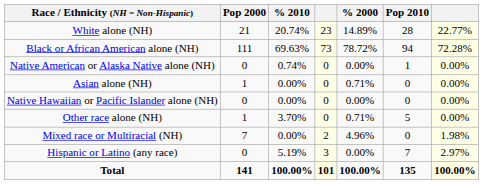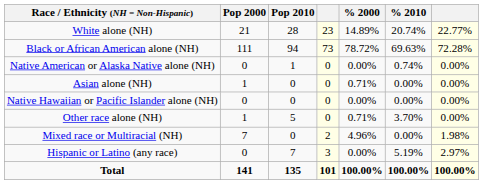 <table class="wikitable" style="text-align:center;">
 <tr>
 <th>Race / Ethnicity <small>(<em>NH = Non-Hispanic</em>)</small></th>
 <th>Pop 2000</th>
-<th>% 2010</th>
+<th>Pop 2010</th>
 <th></th>
 <th>% 2000</th>
-<th>Pop 2010</th>
+<th>% 2010</th>
 <th></th>
 </tr>
 <tr>
 <td><a href='#'>White</a> alone (NH)</td>
 <td>21</td>
-<td>20.74%</td>
+<td>28</td>
 <td style='background: #ffffe6;'>23</td>
 <td>14.89%</td>
-<td>28</td>
+<td>20.74%</td>
 <td style='background: #ffffe6;'>22.77%</td>
 </tr>
 <tr>
 <td><a href='#'>Black or African American</a> alone (NH)</td>
 <td>111</td>
-<td>69.63%</td>
+<td>94</td>
 <td style='background: #ffffe6;'>73</td>
 <td>78.72%</td>
-<td>94</td>
+<td>69.63%</td>
 <td style='background: #ffffe6;'>72.28%</td>
 </tr>
 <tr>
 <td><a href='#'>Native American</a> or <a href='#'>Alaska Native</a> alone (NH)</td>
 <td>0</td>
-<td>0.74%</td>
+<td>1</td>
 <td style='background: #ffffe6;'>0</td>
 <td>0.00%</td>
-<td>1</td>
+<td>0.74%</td>
 <td style='background: #ffffe6;'>0.00%</td>
 </tr>
 <tr>
 <td><a href='#'>Asian</a> alone (NH)</td>
 <td>1</td>
-<td>0.00%</td>
+<td>0</td>
 <td style='background: #ffffe6;'>0</td>
 <td>0.71%</td>
-<td>0</td>
+<td>0.00%</td>
 <td style='background: #ffffe6;'>0.00%</td>
 </tr>
 <tr>
 <td><a href='#'>Native Hawaiian</a> or <a href='#'>Pacific Islander</a> alone (NH)</td>
 <td>0</td>
-<td>0.00%</td>
+<td>0</td>
 <td style='background: #ffffe6;'>0</td>
 <td>0.00%</td>
-<td>0</td>
+<td>0.00%</td>
 <td style='background: #ffffe6;'>0.00%</td>
 </tr>
 <tr>
 <td><a href='#'>Other race</a> alone (NH)</td>
 <td>1</td>
-<td>3.70%</td>
+<td>5</td>
 <td style='background: #ffffe6;'>0</td>
 <td>0.71%</td>
-<td>5</td>
+<td>3.70%</td>
 <td style='background: #ffffe6;'>0.00%</td>
 </tr>
 <tr>
 <td><a href='#'>Mixed race or Multiracial</a> (NH)</td>
 <td>7</td>
-<td>0.00%</td>
+<td>0</td>
 <td style='background: #ffffe6;'>2</td>
 <td>4.96%</td>
-<td>0</td>
+<td>0.00%</td>
 <td style='background: #ffffe6;'>1.98%</td>
 </tr>
 <tr>
 <td><a href='#'>Hispanic or Latino</a> (any race)</td>
 <td>0</td>
-<td>5.19%</td>
+<td>7</td>
 <td style='background: #ffffe6;'>3</td>
 <td>0.00%</td>
-<td>7</td>
+<td>5.19%</td>
 <td style='background: #ffffe6;'>2.97%</td>
 </tr>
 <tr>
 <td><strong>Total</strong></td>
 <td><strong>141</strong></td>
-<td><strong>100.00%</strong></td>
+<td><strong>135</strong></td>
 <td style='background: #ffffe6;'><strong>101</strong></td>
 <td><strong>100.00%</strong></td>
-<td><strong>135</strong></td>
+<td><strong>100.00%</strong></td>
 <td style='background: #ffffe6;'><strong>100.00%</strong></td>
 </tr>
 </table>
